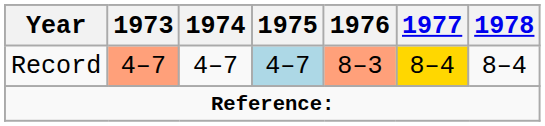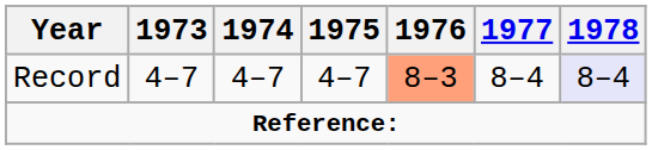 <table class="wikitable" style="text-align: center">
 <tr align=center>
 <th>Year</th>
 <th>1973</th>
 <th>1974</th>
 <th>1975</th>
 <th>1976</th>
 <th><a href='#'>1977</a></th>
 <th><a href='#'>1978</a></th>
 </tr>
 <tr align=center>
 <td>Record</td>
-<td style="background: lightsalmon;">4–7</td>
 <td>4–7</td>
-<td style="background: lightblue;">4–7</td>
+<td>4–7</td>
+<td>4–7</td>
 <td style="background: lightsalmon;">8–3</td>
-<td style="background: gold;">8–4</td>
 <td>8–4</td>
+<td style="background: lavender;">8–4</td>
 </tr>
 <tr align=center>
 <td colspan="7"  style="font-size:8pt; text-align:center;"><strong>Reference:</strong></td>
 </tr>
 </table>
